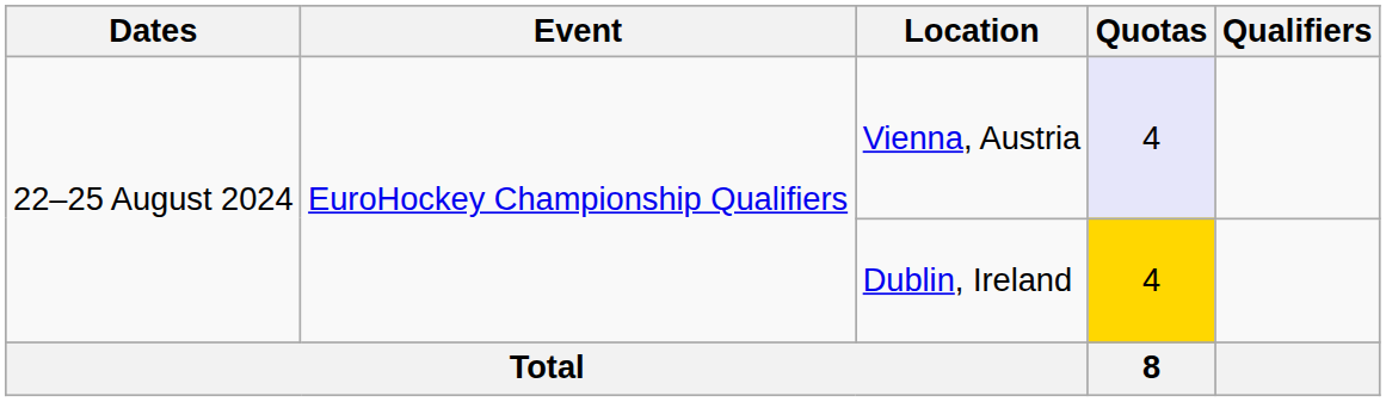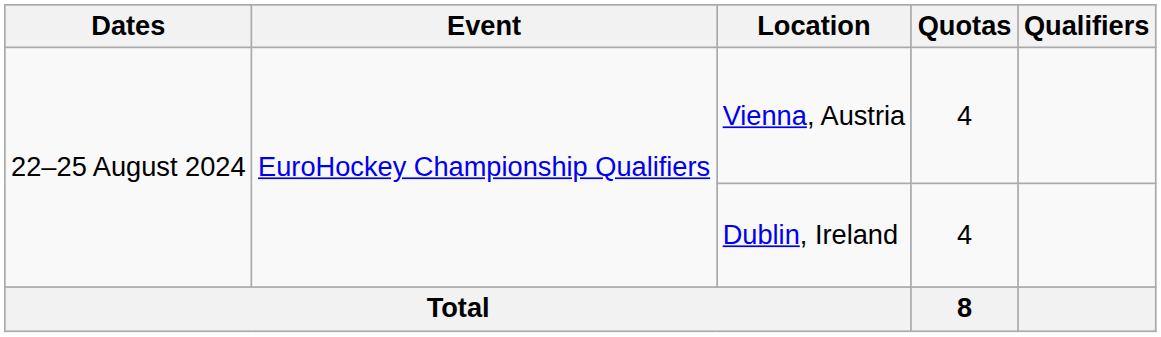 <table class=wikitable>
 <tr>
 <th>Dates</th>
 <th>Event</th>
 <th>Location</th>
 <th>Quotas</th>
 <th>Qualifiers</th>
 </tr>
 <tr>
 <td rowspan=2>22–25 August 2024</td>
 <td rowspan=2><a href='#'>EuroHockey Championship Qualifiers</a></td>
 <td><a href='#'>Vienna</a>, Austria</td>
-<td align=center style="background: lavender;">4</td>
+<td align=center>4</td>
 <td><s></s><br><br><br><br></td>
 </tr>
 <tr>
 <td><a href='#'>Dublin</a>, Ireland</td>
-<td align=center style="background: gold;">4</td>
+<td align=center>4</td>
 <td><br><br><br></td>
 </tr>
 <tr>
 <th colspan=3>Total</th>
 <th>8</th>
 <th></th>
 </tr>
 </table>
